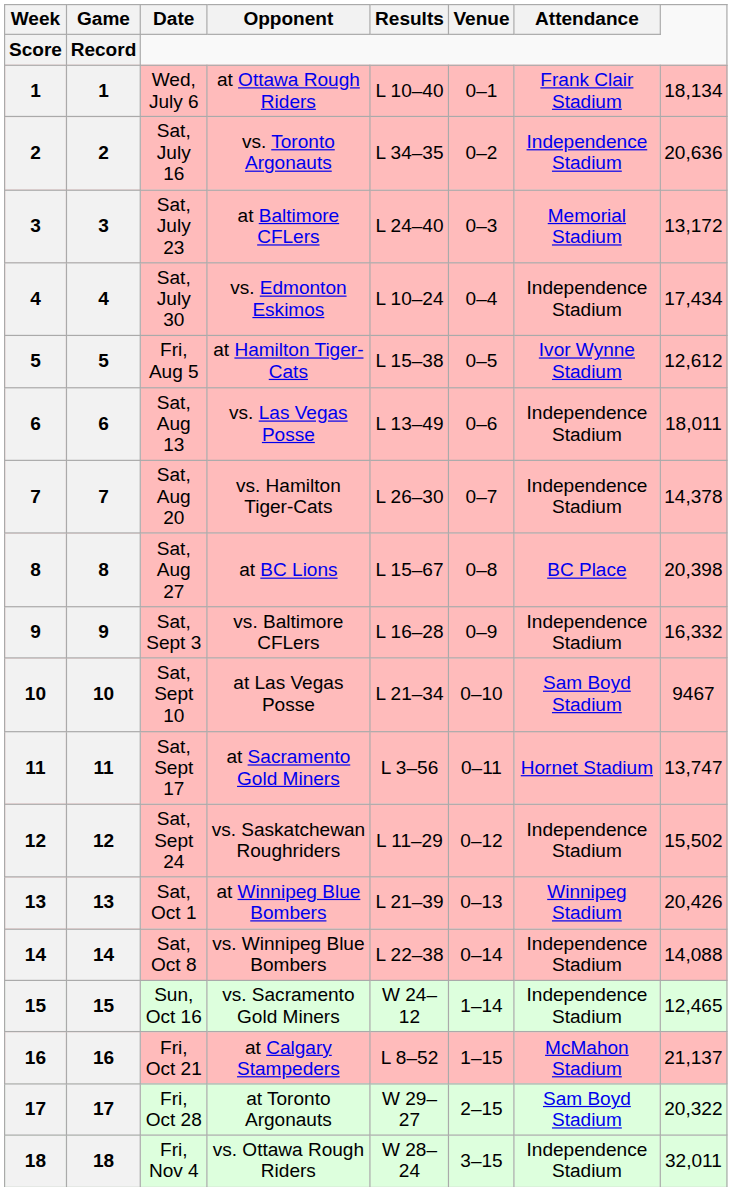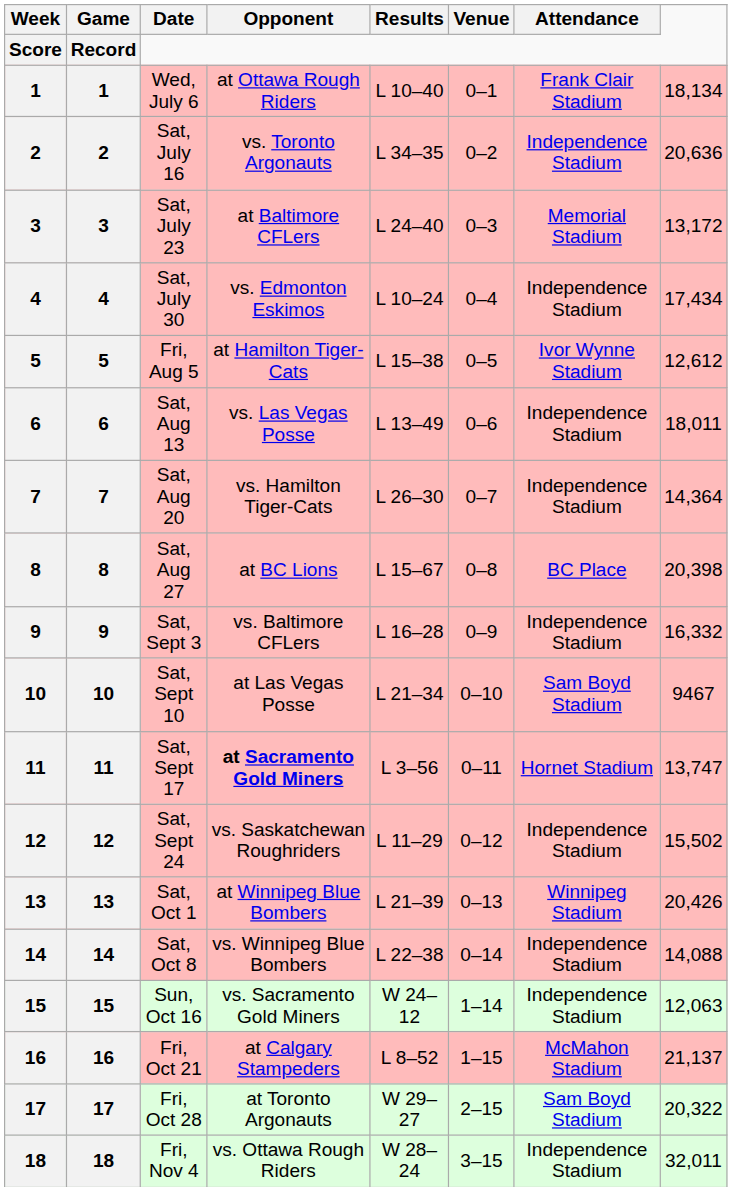 <table class="wikitable" style="text-align:center">
 <tr>
 <th>Week</th>
 <th>Game</th>
 <th>Date</th>
 <th>Opponent</th>
 <th>Results</th>
 <th>Venue</th>
 <th>Attendance</th>
 </tr>
 <tr>
 <th>Score</th>
 <th>Record</th>
 </tr>
 <tr style="background:#ffbbbb">
 <th>1</th>
 <th>1</th>
 <td>Wed, July 6</td>
 <td>at <a href='#'>Ottawa Rough Riders</a></td>
 <td>L 10–40</td>
 <td>0–1</td>
 <td><a href='#'>Frank Clair Stadium</a></td>
 <td>18,134</td>
 </tr>
 <tr style="background:#ffbbbb">
 <th>2</th>
 <th>2</th>
 <td>Sat, July 16</td>
 <td>vs. <a href='#'>Toronto Argonauts</a></td>
 <td>L 34–35</td>
 <td>0–2</td>
 <td><a href='#'>Independence Stadium</a></td>
 <td>20,636</td>
 </tr>
 <tr style="background:#ffbbbb">
 <th>3</th>
 <th>3</th>
 <td>Sat, July 23</td>
 <td>at <a href='#'>Baltimore CFLers</a></td>
 <td>L 24–40</td>
 <td>0–3</td>
 <td><a href='#'>Memorial Stadium</a></td>
 <td>13,172</td>
 </tr>
 <tr style="background:#ffbbbb">
 <th>4</th>
 <th>4</th>
 <td>Sat, July 30</td>
 <td>vs. <a href='#'>Edmonton Eskimos</a></td>
 <td>L 10–24</td>
 <td>0–4</td>
 <td>Independence Stadium</td>
 <td>17,434</td>
 </tr>
 <tr style="background:#ffbbbb">
 <th>5</th>
 <th>5</th>
 <td>Fri, Aug 5</td>
 <td>at <a href='#'>Hamilton Tiger-Cats</a></td>
 <td>L 15–38</td>
 <td>0–5</td>
 <td><a href='#'>Ivor Wynne Stadium</a></td>
 <td>12,612</td>
 </tr>
 <tr style="background:#ffbbbb">
 <th>6</th>
 <th>6</th>
 <td>Sat, Aug 13</td>
 <td>vs. <a href='#'>Las Vegas Posse</a></td>
 <td>L 13–49</td>
 <td>0–6</td>
 <td>Independence Stadium</td>
 <td>18,011</td>
 </tr>
 <tr style="background:#ffbbbb">
 <th>7</th>
 <th>7</th>
 <td>Sat, Aug 20</td>
 <td>vs. Hamilton Tiger-Cats</td>
 <td>L 26–30</td>
 <td>0–7</td>
 <td>Independence Stadium</td>
-<td>14,378</td>
+<td>14,364</td>
 </tr>
 <tr style="background:#ffbbbb">
 <th>8</th>
 <th>8</th>
 <td>Sat, Aug 27</td>
 <td>at <a href='#'>BC Lions</a></td>
 <td>L 15–67</td>
 <td>0–8</td>
 <td><a href='#'>BC Place</a></td>
 <td>20,398</td>
 </tr>
 <tr style="background:#ffbbbb">
 <th>9</th>
 <th>9</th>
 <td>Sat, Sept 3</td>
 <td>vs. Baltimore CFLers</td>
 <td>L 16–28</td>
 <td>0–9</td>
 <td>Independence Stadium</td>
 <td>16,332</td>
 </tr>
 <tr style="background:#ffbbbb">
 <th>10</th>
 <th>10</th>
 <td>Sat, Sept 10</td>
 <td>at Las Vegas Posse</td>
 <td>L 21–34</td>
 <td>0–10</td>
 <td><a href='#'>Sam Boyd Stadium</a></td>
 <td>9467</td>
 </tr>
 <tr style="background:#ffbbbb">
 <th>11</th>
 <th>11</th>
 <td>Sat, Sept 17</td>
-<td>at <a href='#'>Sacramento Gold Miners</a></td>
+<td><strong>at <a href='#'>Sacramento Gold Miners</a></strong></td>
 <td>L 3–56</td>
 <td>0–11</td>
 <td><a href='#'>Hornet Stadium</a></td>
 <td>13,747</td>
 </tr>
 <tr style="background:#ffbbbb">
 <th>12</th>
 <th>12</th>
 <td>Sat, Sept 24</td>
 <td>vs. Saskatchewan Roughriders</td>
 <td>L 11–29</td>
 <td>0–12</td>
 <td>Independence Stadium</td>
 <td>15,502</td>
 </tr>
 <tr style="background:#ffbbbb">
 <th>13</th>
 <th>13</th>
 <td>Sat, Oct 1</td>
 <td>at <a href='#'>Winnipeg Blue Bombers</a></td>
 <td>L 21–39</td>
 <td>0–13</td>
 <td><a href='#'>Winnipeg Stadium</a></td>
 <td>20,426</td>
 </tr>
 <tr style="background:#ffbbbb">
 <th>14</th>
 <th>14</th>
 <td>Sat, Oct 8</td>
 <td>vs. Winnipeg Blue Bombers</td>
 <td>L 22–38</td>
 <td>0–14</td>
 <td>Independence Stadium</td>
 <td>14,088</td>
 </tr>
 <tr style="background:#ddffdd">
 <th>15</th>
 <th>15</th>
 <td>Sun, Oct 16</td>
 <td>vs. Sacramento Gold Miners</td>
 <td>W 24–12</td>
 <td>1–14</td>
 <td>Independence Stadium</td>
-<td>12,465</td>
+<td>12,063</td>
 </tr>
 <tr style="background:#ffbbbb">
 <th>16</th>
 <th>16</th>
 <td>Fri, Oct 21</td>
 <td>at <a href='#'>Calgary Stampeders</a></td>
 <td>L 8–52</td>
 <td>1–15</td>
 <td><a href='#'>McMahon Stadium</a></td>
 <td>21,137</td>
 </tr>
 <tr style="background:#ddffdd">
 <th>17</th>
 <th>17</th>
 <td>Fri, Oct 28</td>
 <td>at Toronto Argonauts</td>
 <td>W 29–27</td>
 <td>2–15</td>
 <td><a href='#'>Sam Boyd Stadium</a></td>
 <td>20,322</td>
 </tr>
 <tr style="background:#ddffdd">
 <th>18</th>
 <th>18</th>
 <td>Fri, Nov 4</td>
 <td>vs. Ottawa Rough Riders</td>
 <td>W 28–24</td>
 <td>3–15</td>
 <td>Independence Stadium</td>
 <td>32,011</td>
 </tr>
 </table>
